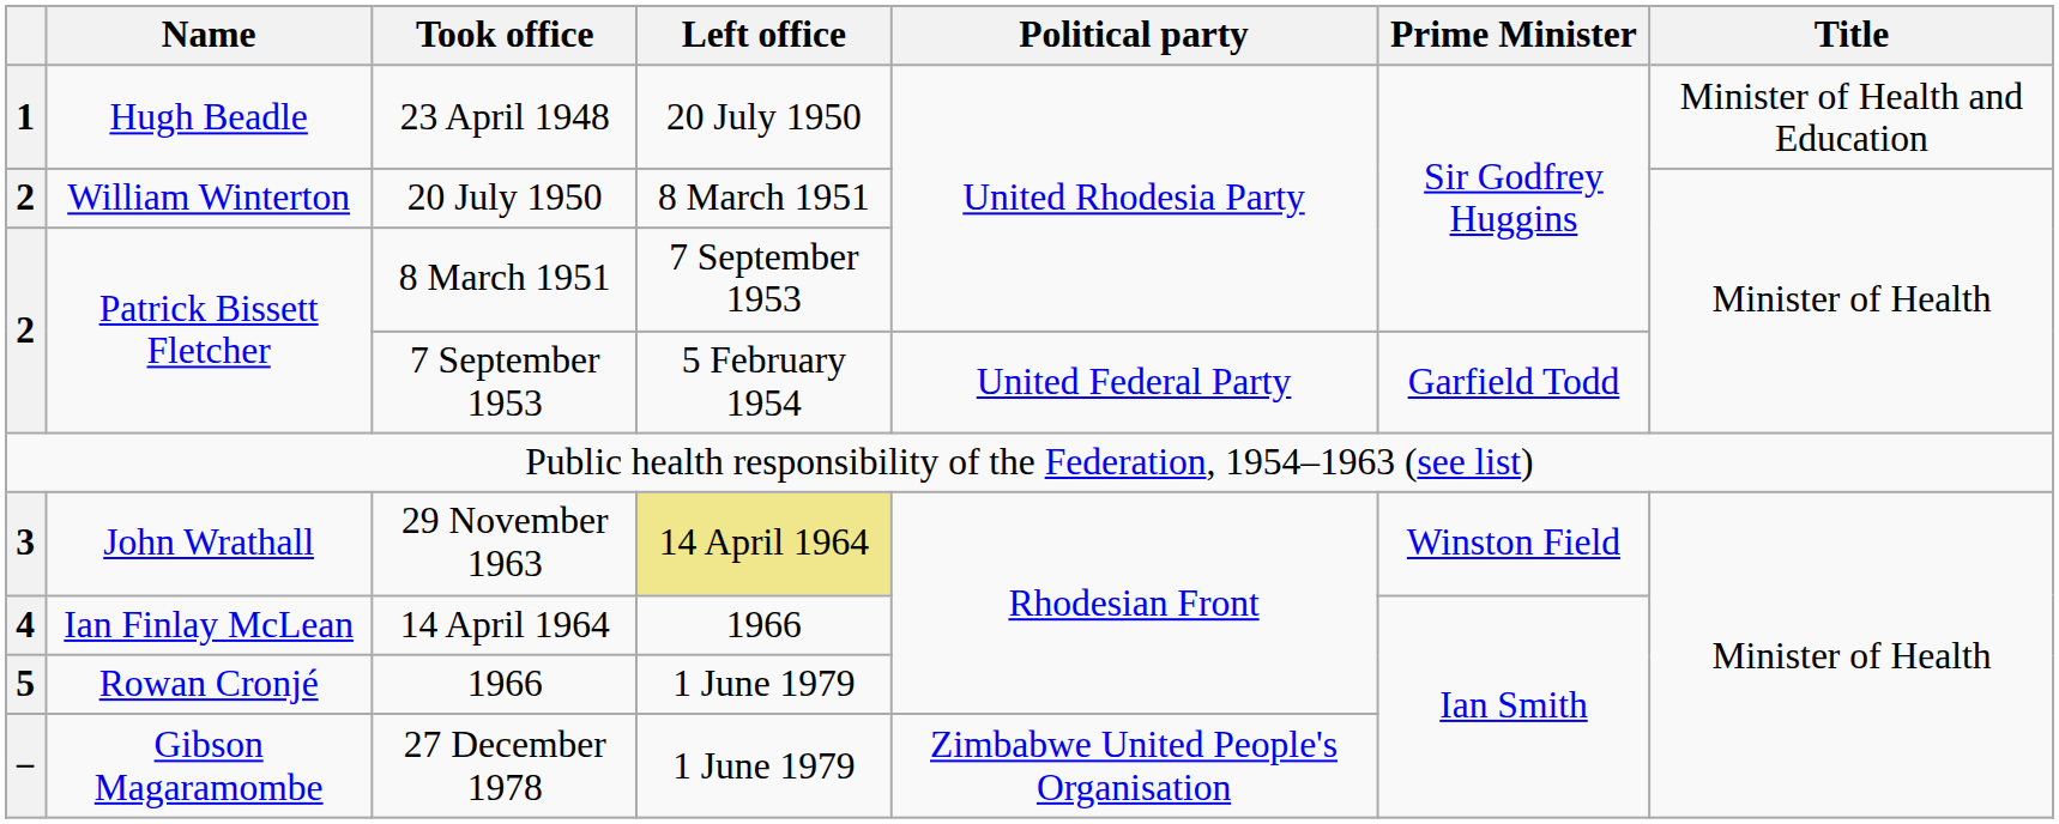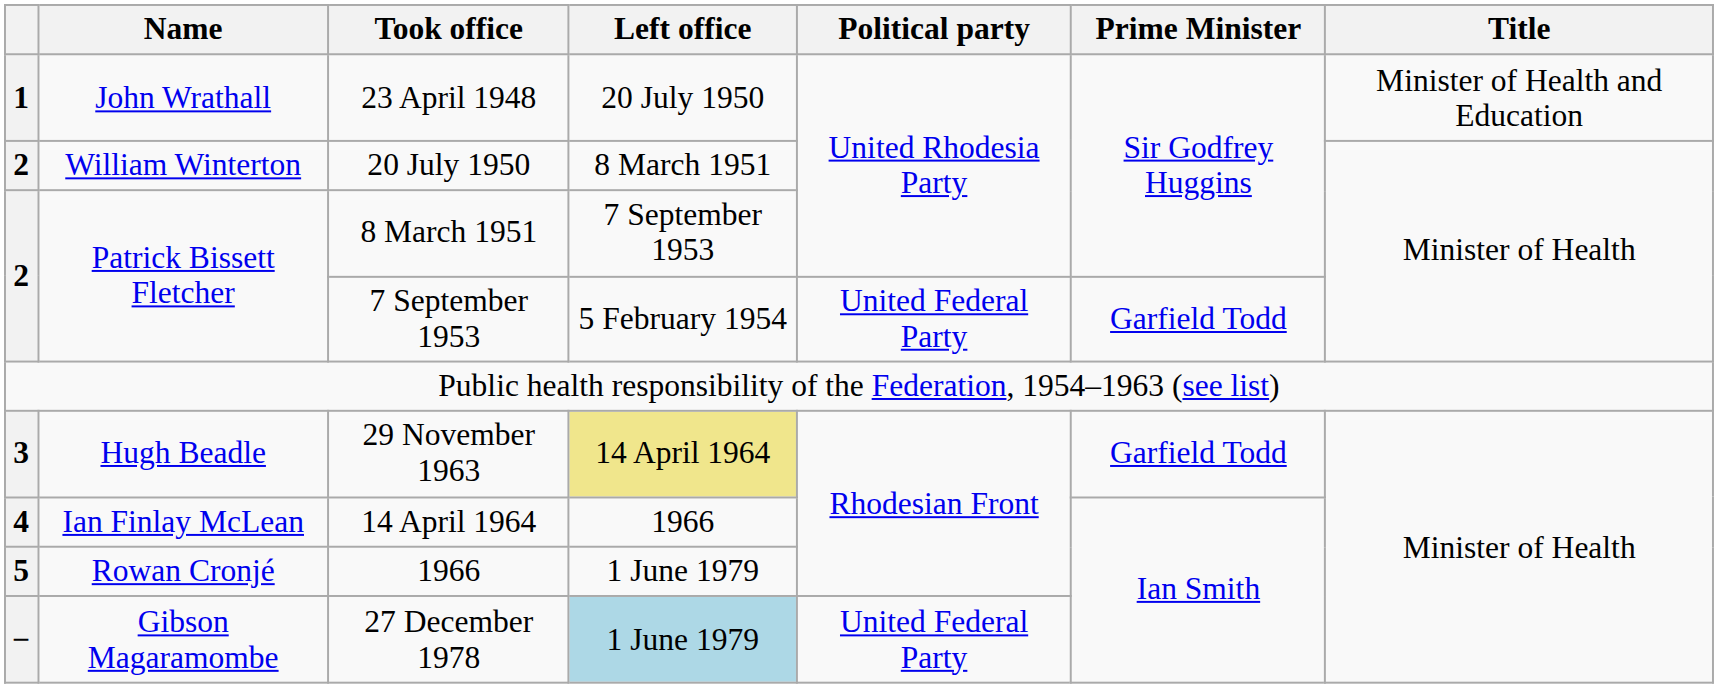 <table class="wikitable" style="text-align:center">
 <tr>
 <th></th>
 <th>Name</th>
 <th>Took office</th>
 <th>Left office</th>
 <th>Political party</th>
 <th>Prime Minister</th>
 <th>Title</th>
 </tr>
 <tr>
 <th style="background:">1</th>
-<td><a href='#'>Hugh Beadle</a></td>
+<td><a href='#'>John Wrathall</a></td>
 <td>23 April 1948</td>
 <td>20 July 1950</td>
 <td rowspan="3"><a href='#'>United Rhodesia Party</a></td>
 <td rowspan="3"><a href='#'>Sir Godfrey Huggins</a></td>
 <td>Minister of Health and Education</td>
 </tr>
 <tr>
 <th style="background:">2</th>
 <td><a href='#'>William Winterton</a></td>
 <td>20 July 1950</td>
 <td>8 March 1951</td>
 <td rowspan="3">Minister of Health</td>
 </tr>
 <tr>
 <th rowspan="2" style="background:">2</th>
 <td rowspan="2"><a href='#'>Patrick Bissett Fletcher</a></td>
 <td>8 March 1951</td>
 <td>7 September 1953</td>
 </tr>
 <tr>
 <td>7 September 1953</td>
 <td>5 February 1954</td>
 <td><a href='#'>United Federal Party</a></td>
 <td><a href='#'>Garfield Todd</a></td>
 </tr>
 <tr>
 <td colspan="7">Public health responsibility of the <a href='#'>Federation</a>, 1954–1963 (<a href='#'>see list</a>)</td>
 </tr>
 <tr>
 <th style="background:">3</th>
-<td><a href='#'>John Wrathall</a></td>
+<td><a href='#'>Hugh Beadle</a></td>
 <td>29 November 1963</td>
 <td style="background: khaki;">14 April 1964</td>
 <td rowspan="3"><a href='#'>Rhodesian Front</a></td>
-<td><a href='#'>Winston Field</a></td>
+<td><a href='#'>Garfield Todd</a></td>
 <td rowspan="4">Minister of Health</td>
 </tr>
 <tr>
 <th style="background:">4</th>
 <td><a href='#'>Ian Finlay McLean</a></td>
 <td>14 April 1964</td>
 <td>1966</td>
 <td rowspan="3"><a href='#'>Ian Smith</a></td>
 </tr>
 <tr>
 <th style="background:">5</th>
 <td><a href='#'>Rowan Cronjé</a></td>
 <td>1966</td>
 <td>1 June 1979</td>
 </tr>
 <tr>
 <th style="background:">−</th>
 <td><a href='#'>Gibson Magaramombe</a><br></td>
 <td>27 December 1978</td>
-<td>1 June 1979</td>
-<td><a href='#'>Zimbabwe United People's Organisation</a></td>
+<td style="background: lightblue;">1 June 1979</td>
+<td><a href='#'>United Federal Party</a></td>
 </tr>
 </table>
